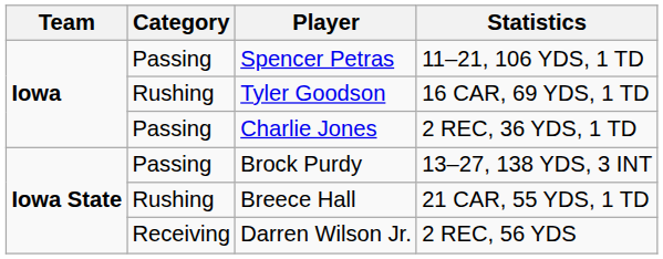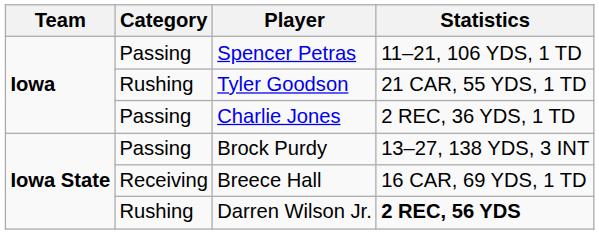 <table class="wikitable" style="float: right;">
 <tr>
 <th>Team</th>
 <th>Category</th>
 <th>Player</th>
 <th>Statistics</th>
 </tr>
 <tr>
 <td rowspan=3><strong>Iowa</strong></td>
 <td>Passing</td>
 <td><a href='#'>Spencer Petras</a></td>
 <td>11–21, 106 YDS, 1 TD</td>
 </tr>
 <tr>
 <td>Rushing</td>
 <td><a href='#'>Tyler Goodson</a></td>
-<td>16 CAR, 69 YDS, 1 TD</td>
+<td>21 CAR, 55 YDS, 1 TD</td>
 </tr>
 <tr>
 <td>Passing</td>
 <td><a href='#'>Charlie Jones</a></td>
 <td>2 REC, 36 YDS, 1 TD</td>
 </tr>
 <tr>
 <td rowspan=3><strong>Iowa State</strong></td>
 <td>Passing</td>
 <td>Brock Purdy</td>
 <td>13–27, 138 YDS, 3 INT</td>
 </tr>
 <tr>
-<td>Rushing</td>
+<td>Receiving</td>
 <td>Breece Hall</td>
-<td>21 CAR, 55 YDS, 1 TD</td>
+<td>16 CAR, 69 YDS, 1 TD</td>
 </tr>
 <tr>
-<td>Receiving</td>
+<td>Rushing</td>
 <td>Darren Wilson Jr.</td>
-<td>2 REC, 56 YDS</td>
+<td><strong>2 REC, 56 YDS</strong></td>
 </tr>
 </table>
